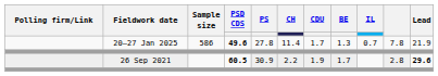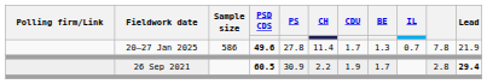 <table class="wikitable sortable mw-datatable" style="text-align:center;font-size:90%;line-height:16px;">
 <tr style="height:42px;">
 <th style="width:145px;" rowspan="2">Polling firm/Link</th>
 <th style="width:125px;" rowspan="2">Fieldwork date</th>
 <th class="unsortable" style="width:50px;" rowspan="2">Sample size</th>
 <th class="unsortable" style="width:35px;"><a href='#'>PSD</a><br><a href='#'>CDS</a></th>
 <th class="unsortable" style="width:35px;"><a href='#'>PS</a></th>
 <th class="unsortable" style="width:35px;"><a href='#'>CH</a></th>
 <th class="unsortable" style="width:35px;"><a href='#'>CDU</a></th>
 <th class="unsortable" style="width:35px;"><a href='#'>BE</a></th>
 <th class="unsortable" style="width:35px;"><a href='#'>IL</a></th>
 <th class="unsortable" style="width:35px;" rowspan="2"></th>
 <th class="unsortable" style="width:30px;" rowspan="2">Lead</th>
 </tr>
 <tr>
 <th class="unsortable" style="color:inherit;background:"></th>
 <th class="unsortable" style="color:inherit;background:"></th>
 <th class="unsortable" style="color:inherit;background:#202056;"></th>
 <th class="unsortable" style="color:inherit;background:"></th>
 <th class="unsortable" style="color:inherit;background:"></th>
 <th class="unsortable" style="color:inherit;background:#00ADEF;"></th>
 </tr>
 <tr>
 <td align="center"></td>
 <td align="center">20–27 Jan 2025</td>
 <td>586</td>
 <td><strong>49.6</strong></td>
 <td align="center">27.8</td>
 <td align="center">11.4</td>
 <td align="center">1.7</td>
 <td align="center">1.3</td>
 <td align="center">0.7</td>
 <td align="center">7.8</td>
 <td style="background:">21.9</td>
 </tr>
 <tr>
 <td colspan="15" style="background:#A0A0A0"></td>
 </tr>
 <tr>
 <td style="background:#EFEFEF;"><strong></strong></td>
 <td style="background:#EFEFEF;" data-sort-value="2019-10-06">26 Sep 2021</td>
 <td></td>
 <td><strong>60.5</strong><br></td>
 <td style="background:#EFEFEF;">30.9<br></td>
 <td style="background:#EFEFEF;">2.2<br></td>
 <td style="background:#EFEFEF;">1.9<br></td>
 <td style="background:#EFEFEF;">1.7<br></td>
 <td></td>
 <td style="background:#EFEFEF;">2.8</td>
-<td style="background:"><strong>29.6</strong></td>
+<td style="background:"><strong>29.4</strong></td>
 </tr>
 <tr>
 <td colspan="15" style="background:#A0A0A0"></td>
 </tr>
 </table>
